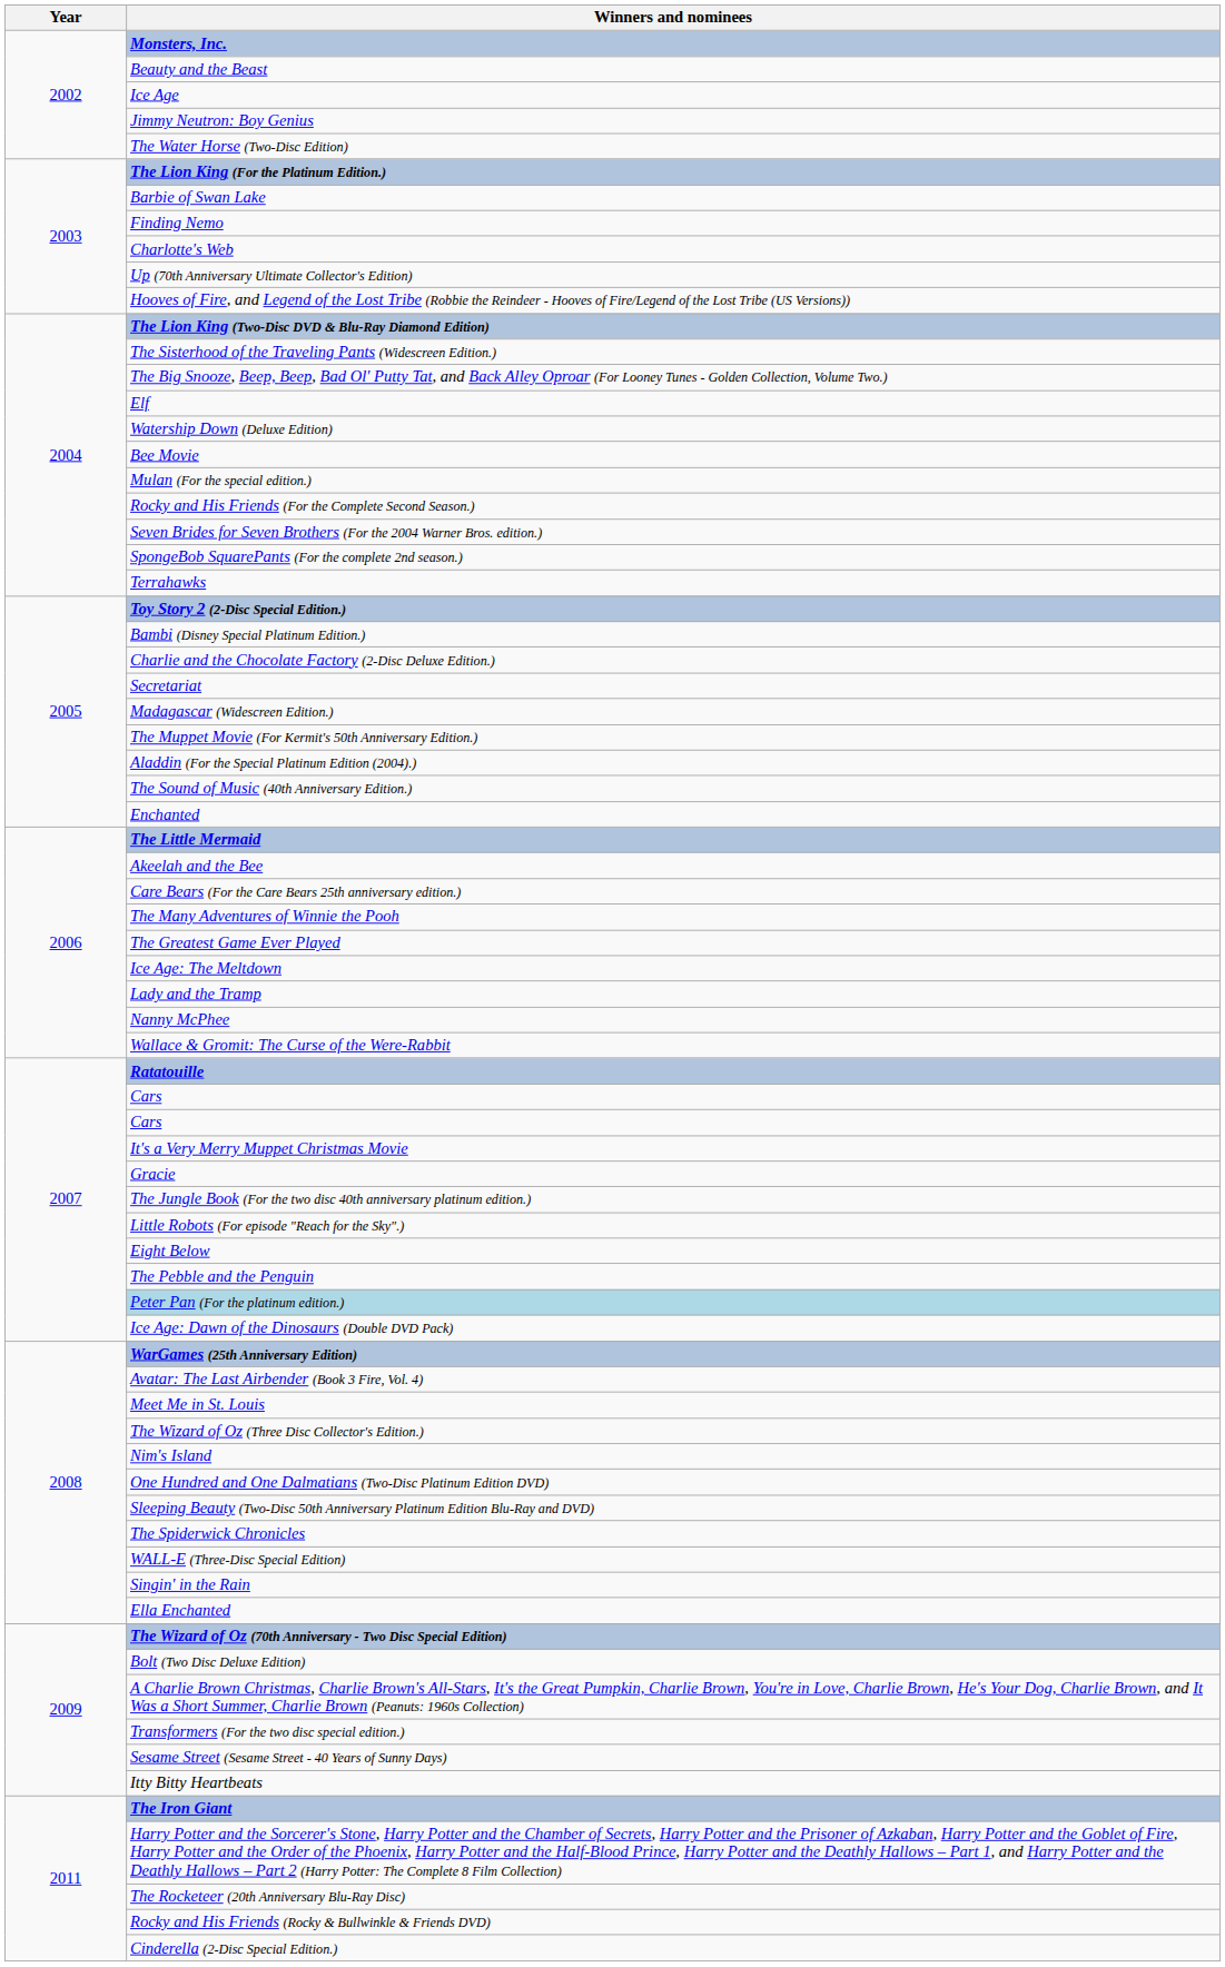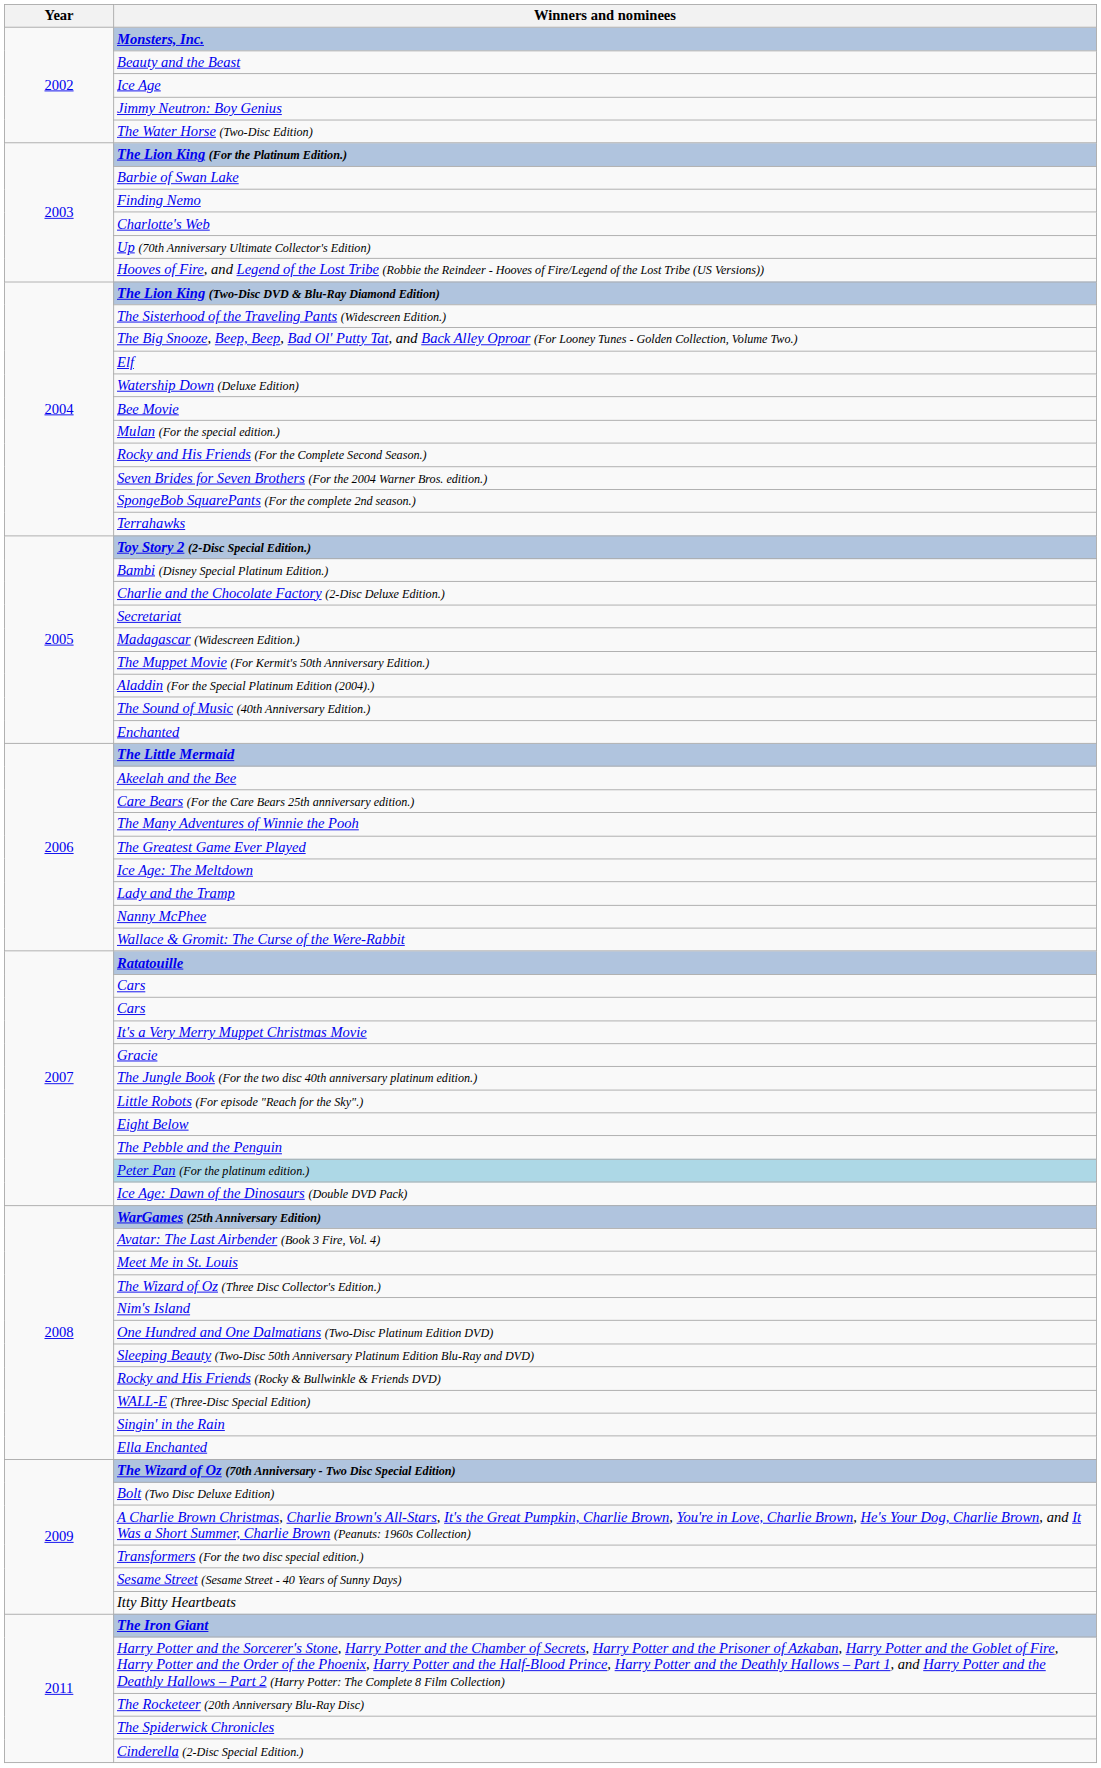 <table class="wikitable" width="95%" cellpadding="5">
 <tr>
 <th width="10%">Year</th>
 <th width="90%">Winners and nominees</th>
 </tr>
 <tr>
 <td rowspan="5" style="text-align:center;"><a href='#'>2002</a></td>
 <td style="background:#B0C4DE;"><strong><em><a href='#'>Monsters, Inc.</a></em></strong></td>
 </tr>
 <tr>
 <td><em><a href='#'>Beauty and the Beast</a></em></td>
 </tr>
 <tr>
 <td><em><a href='#'>Ice Age</a></em></td>
 </tr>
 <tr>
 <td><em><a href='#'>Jimmy Neutron: Boy Genius</a></em></td>
 </tr>
 <tr>
 <td><em><a href='#'>The Water Horse</a> <small>(Two-Disc Edition)</small></em></td>
 </tr>
 <tr>
 <td rowspan="6" style="text-align:center;"><a href='#'>2003</a></td>
 <td style="background:#B0C4DE;"><strong><em><a href='#'>The Lion King</a> <small>(For the Platinum Edition.)</small></em></strong></td>
 </tr>
 <tr>
 <td><em><a href='#'>Barbie of Swan Lake</a></em></td>
 </tr>
 <tr>
 <td><em><a href='#'>Finding Nemo</a></em></td>
 </tr>
 <tr>
 <td><em><a href='#'>Charlotte's Web</a></em></td>
 </tr>
 <tr>
 <td><em><a href='#'>Up</a> <small>(70th Anniversary Ultimate Collector's Edition)</small></em></td>
 </tr>
 <tr>
 <td><em><a href='#'>Hooves of Fire</a>, and <a href='#'>Legend of the Lost Tribe</a> <small>(Robbie the Reindeer - Hooves of Fire/Legend of the Lost Tribe (US Versions))</small></em></td>
 </tr>
 <tr>
 <td rowspan="11" style="text-align:center;"><a href='#'>2004</a></td>
 <td style="background:#B0C4DE;"><strong><em><a href='#'>The Lion King</a> <small>(Two-Disc DVD & Blu-Ray Diamond Edition)</small></em></strong></td>
 </tr>
 <tr>
 <td><em><a href='#'>The Sisterhood of the Traveling Pants</a> <small>(Widescreen Edition.)</small></em></td>
 </tr>
 <tr>
 <td><em><a href='#'>The Big Snooze</a>, <a href='#'>Beep, Beep</a>, <a href='#'>Bad Ol' Putty Tat</a>, and <a href='#'>Back Alley Oproar</a> <small>(For Looney Tunes - Golden Collection, Volume Two.)</small></em></td>
 </tr>
 <tr>
 <td><em><a href='#'>Elf</a></em></td>
 </tr>
 <tr>
 <td><em><a href='#'>Watership Down</a> <small>(Deluxe Edition)</small></em></td>
 </tr>
 <tr>
 <td><em><a href='#'>Bee Movie</a></em></td>
 </tr>
 <tr>
 <td><em><a href='#'>Mulan</a> <small>(For the special edition.)</small></em></td>
 </tr>
 <tr>
 <td><em><a href='#'>Rocky and His Friends</a> <small>(For the Complete Second Season.)</small></em></td>
 </tr>
 <tr>
 <td><em><a href='#'>Seven Brides for Seven Brothers</a> <small>(For the 2004 Warner Bros. edition.)</small></em></td>
 </tr>
 <tr>
 <td><em><a href='#'>SpongeBob SquarePants</a> <small>(For the complete 2nd season.)</small></em></td>
 </tr>
 <tr>
 <td><em><a href='#'>Terrahawks</a></em></td>
 </tr>
 <tr>
 <td rowspan="9" style="text-align:center;"><a href='#'>2005</a></td>
 <td style="background:#B0C4DE;"><strong><em><a href='#'>Toy Story 2</a> <small>(2-Disc Special Edition.)</small></em></strong></td>
 </tr>
 <tr>
 <td><em><a href='#'>Bambi</a> <small>(Disney Special Platinum Edition.)</small></em></td>
 </tr>
 <tr>
 <td><em><a href='#'>Charlie and the Chocolate Factory</a> <small>(2-Disc Deluxe Edition.)</small></em></td>
 </tr>
 <tr>
 <td><em><a href='#'>Secretariat</a></em></td>
 </tr>
 <tr>
 <td><em><a href='#'>Madagascar</a> <small>(Widescreen Edition.)</small></em></td>
 </tr>
 <tr>
 <td><em><a href='#'>The Muppet Movie</a> <small>(For Kermit's 50th Anniversary Edition.)</small></em></td>
 </tr>
 <tr>
 <td><em><a href='#'>Aladdin</a> <small>(For the Special Platinum Edition (2004).)</small></em></td>
 </tr>
 <tr>
 <td><em><a href='#'>The Sound of Music</a> <small>(40th Anniversary Edition.)</small></em></td>
 </tr>
 <tr>
 <td><em><a href='#'>Enchanted</a></em></td>
 </tr>
 <tr>
 <td rowspan="9" style="text-align:center;"><a href='#'>2006</a></td>
 <td style="background:#B0C4DE;"><strong><em><a href='#'>The Little Mermaid</a></em></strong></td>
 </tr>
 <tr>
 <td><em><a href='#'>Akeelah and the Bee</a></em></td>
 </tr>
 <tr>
 <td><em><a href='#'>Care Bears</a> <small>(For the Care Bears 25th anniversary edition.)</small></em></td>
 </tr>
 <tr>
 <td><em><a href='#'>The Many Adventures of Winnie the Pooh</a></em></td>
 </tr>
 <tr>
 <td><em><a href='#'>The Greatest Game Ever Played</a></em></td>
 </tr>
 <tr>
 <td><em><a href='#'>Ice Age: The Meltdown</a></em></td>
 </tr>
 <tr>
 <td><em><a href='#'>Lady and the Tramp</a></em></td>
 </tr>
 <tr>
 <td><em><a href='#'>Nanny McPhee</a></em></td>
 </tr>
 <tr>
 <td><em><a href='#'>Wallace & Gromit: The Curse of the Were-Rabbit</a></em></td>
 </tr>
 <tr>
 <td rowspan="11" style="text-align:center;"><a href='#'>2007</a></td>
 <td style="background:#B0C4DE;"><strong><em><a href='#'>Ratatouille</a></em></strong></td>
 </tr>
 <tr>
 <td><em><a href='#'>Cars</a></em></td>
 </tr>
 <tr>
 <td><em><a href='#'>Cars</a></em></td>
 </tr>
 <tr>
 <td><em><a href='#'>It's a Very Merry Muppet Christmas Movie</a></em></td>
 </tr>
 <tr>
 <td><em><a href='#'>Gracie</a></em></td>
 </tr>
 <tr>
 <td><em><a href='#'>The Jungle Book</a> <small>(For the two disc 40th anniversary platinum edition.)</small></em></td>
 </tr>
 <tr>
 <td><em><a href='#'>Little Robots</a> <small>(For episode "Reach for the Sky".)</small></em></td>
 </tr>
 <tr>
 <td><em><a href='#'>Eight Below</a></em></td>
 </tr>
 <tr>
 <td><em><a href='#'>The Pebble and the Penguin</a></em></td>
 </tr>
 <tr>
 <td style="background: lightblue;"><em><a href='#'>Peter Pan</a> <small>(For the platinum edition.)</small></em></td>
 </tr>
 <tr>
 <td><em><a href='#'>Ice Age: Dawn of the Dinosaurs</a> <small>(Double DVD Pack)</small></em></td>
 </tr>
 <tr>
 <td rowspan="11" style="text-align:center;"><a href='#'>2008</a></td>
 <td style="background:#B0C4DE;"><strong><em><a href='#'>WarGames</a> <small>(25th Anniversary Edition)</small></em></strong></td>
 </tr>
 <tr>
 <td><em><a href='#'>Avatar: The Last Airbender</a> <small>(Book 3 Fire, Vol. 4)</small></em></td>
 </tr>
 <tr>
 <td><em><a href='#'>Meet Me in St. Louis</a></em></td>
 </tr>
 <tr>
 <td><em><a href='#'>The Wizard of Oz</a> <small>(Three Disc Collector's Edition.)</small></em></td>
 </tr>
 <tr>
 <td><em><a href='#'>Nim's Island</a></em></td>
 </tr>
 <tr>
 <td><em><a href='#'>One Hundred and One Dalmatians</a> <small>(Two-Disc Platinum Edition DVD)</small></em></td>
 </tr>
 <tr>
 <td><em><a href='#'>Sleeping Beauty</a> <small>(Two-Disc 50th Anniversary Platinum Edition Blu-Ray and DVD)</small></em></td>
 </tr>
 <tr>
-<td><em><a href='#'>The Spiderwick Chronicles</a></em></td>
+<td><em><a href='#'>Rocky and His Friends</a> <small>(Rocky & Bullwinkle & Friends DVD)</small></em></td>
 </tr>
 <tr>
 <td><em><a href='#'>WALL-E</a> <small>(Three-Disc Special Edition)</small></em></td>
 </tr>
 <tr>
 <td><em><a href='#'>Singin' in the Rain</a></em></td>
 </tr>
 <tr>
 <td><em><a href='#'>Ella Enchanted</a></em></td>
 </tr>
 <tr>
 <td rowspan="6" style="text-align:center;"><a href='#'>2009</a></td>
 <td style="background:#B0C4DE;"><strong><em><a href='#'>The Wizard of Oz</a> <small>(70th Anniversary - Two Disc Special Edition)</small></em></strong></td>
 </tr>
 <tr>
 <td><em><a href='#'>Bolt</a> <small>(Two Disc Deluxe Edition)</small></em></td>
 </tr>
 <tr>
 <td><em><a href='#'>A Charlie Brown Christmas</a>, <a href='#'>Charlie Brown's All-Stars</a>, <a href='#'>It's the Great Pumpkin, Charlie Brown</a>, <a href='#'>You're in Love, Charlie Brown</a>, <a href='#'>He's Your Dog, Charlie Brown</a>, and <a href='#'>It Was a Short Summer, Charlie Brown</a> <small>(Peanuts: 1960s Collection)</small></em></td>
 </tr>
 <tr>
 <td><em><a href='#'>Transformers</a> <small>(For the two disc special edition.)</small></em></td>
 </tr>
 <tr>
 <td><em><a href='#'>Sesame Street</a> <small>(Sesame Street - 40 Years of Sunny Days)</small></em></td>
 </tr>
 <tr>
 <td><em>Itty Bitty Heartbeats</em></td>
 </tr>
 <tr>
 <td rowspan="5" style="text-align:center;"><a href='#'>2011</a></td>
 <td style="background:#B0C4DE;"><strong><em><a href='#'>The Iron Giant</a></em></strong></td>
 </tr>
 <tr>
 <td><em><a href='#'>Harry Potter and the Sorcerer's Stone</a>, <a href='#'>Harry Potter and the Chamber of Secrets</a>, <a href='#'>Harry Potter and the Prisoner of Azkaban</a>, <a href='#'>Harry Potter and the Goblet of Fire</a>, <a href='#'>Harry Potter and the Order of the Phoenix</a>, <a href='#'>Harry Potter and the Half-Blood Prince</a>, <a href='#'>Harry Potter and the Deathly Hallows – Part 1</a>, and <a href='#'>Harry Potter and the Deathly Hallows – Part 2</a> <small>(Harry Potter: The Complete 8 Film Collection)</small></em></td>
 </tr>
 <tr>
 <td><em><a href='#'>The Rocketeer</a> <small>(20th Anniversary Blu-Ray Disc)</small></em></td>
 </tr>
 <tr>
-<td><em><a href='#'>Rocky and His Friends</a> <small>(Rocky & Bullwinkle & Friends DVD)</small></em></td>
+<td><em><a href='#'>The Spiderwick Chronicles</a></em></td>
 </tr>
 <tr>
 <td><em><a href='#'>Cinderella</a> <small>(2-Disc Special Edition.)</small></em></td>
 </tr>
 </table>
